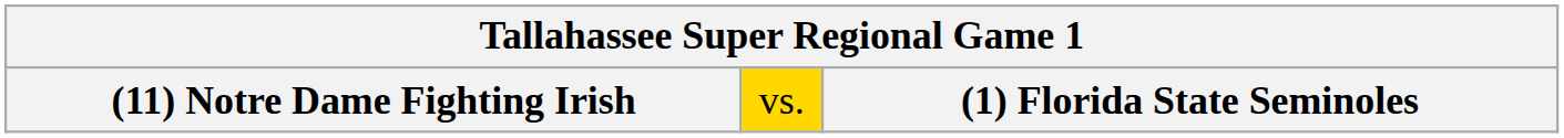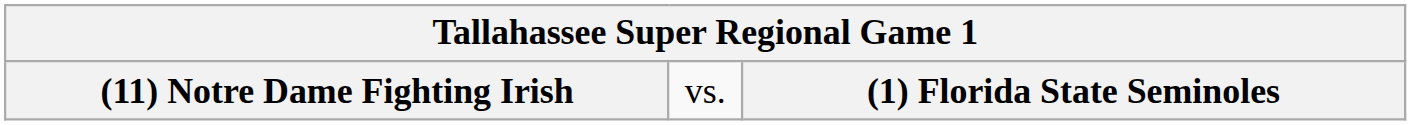 <table class="wikitable">
 <tr>
 <th style="width: 604px;" colspan=3>Tallahassee Super Regional Game 1</th>
 </tr>
 <tr>
 <th style="width: 289px; ">(11) Notre Dame Fighting Irish</th>
-<td style="background: gold; width: 25px; text-align:center">vs.</td>
+<td style="width: 25px; text-align:center">vs.</td>
 <th style="width: 289px; ">(1) Florida State Seminoles</th>
 </tr>
 </table>
